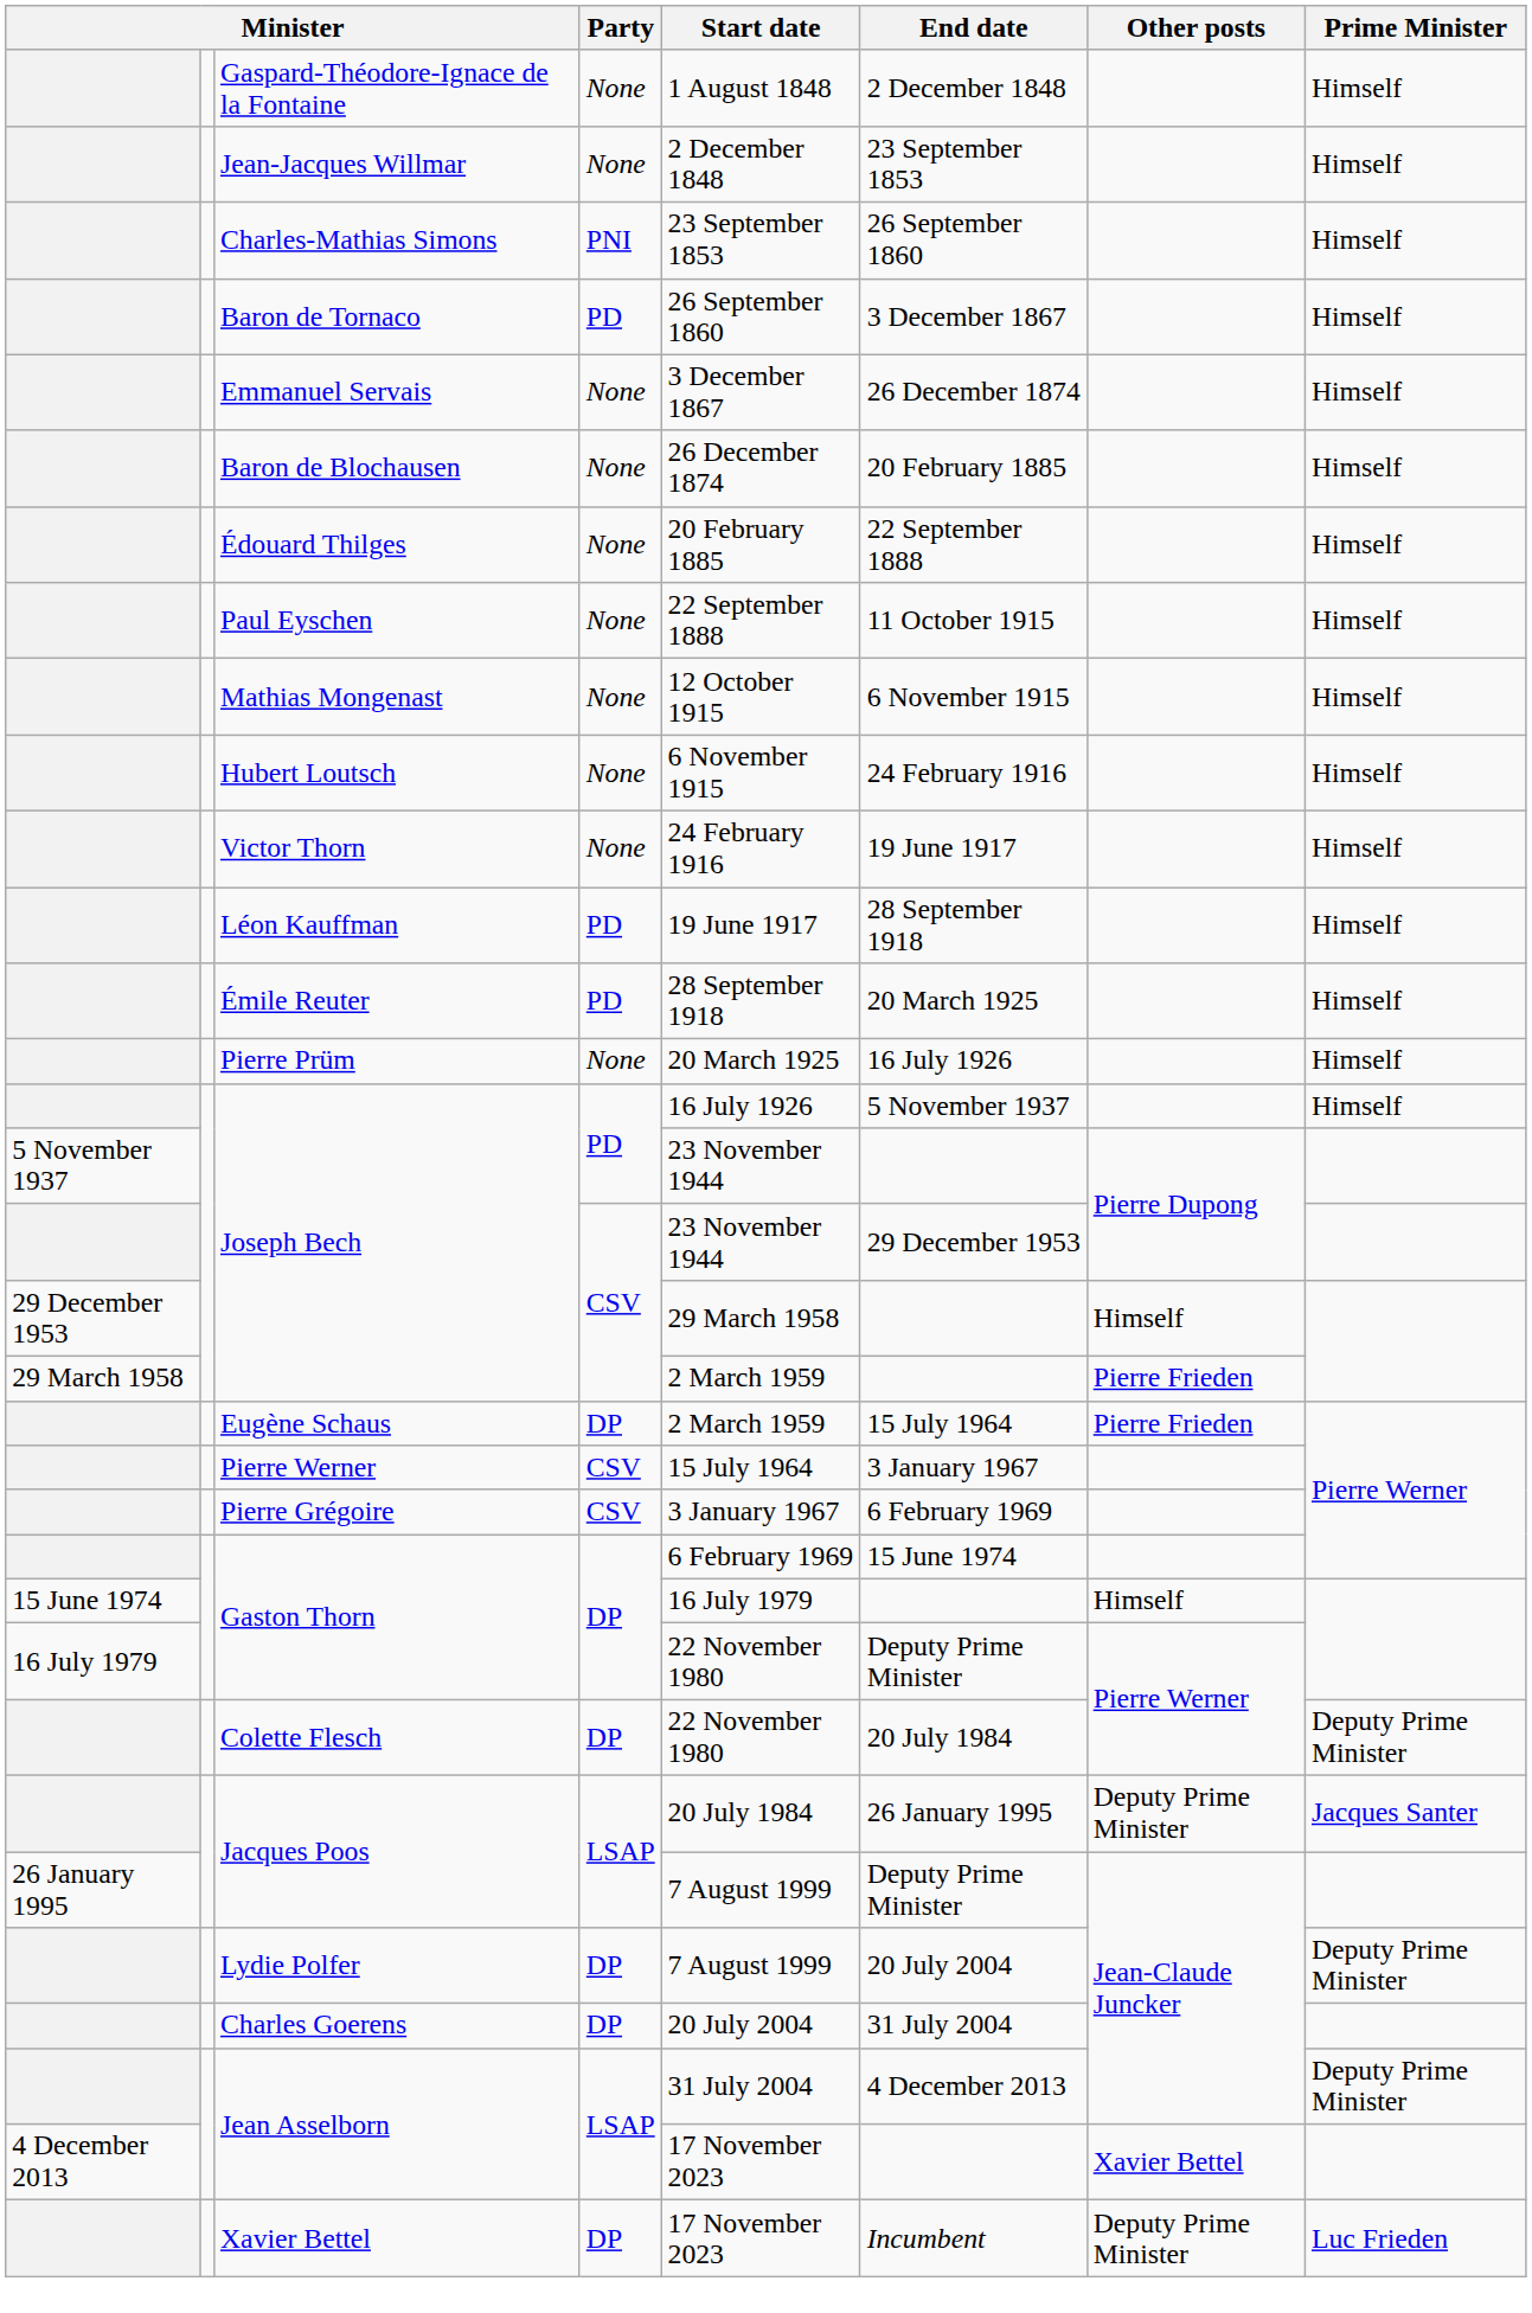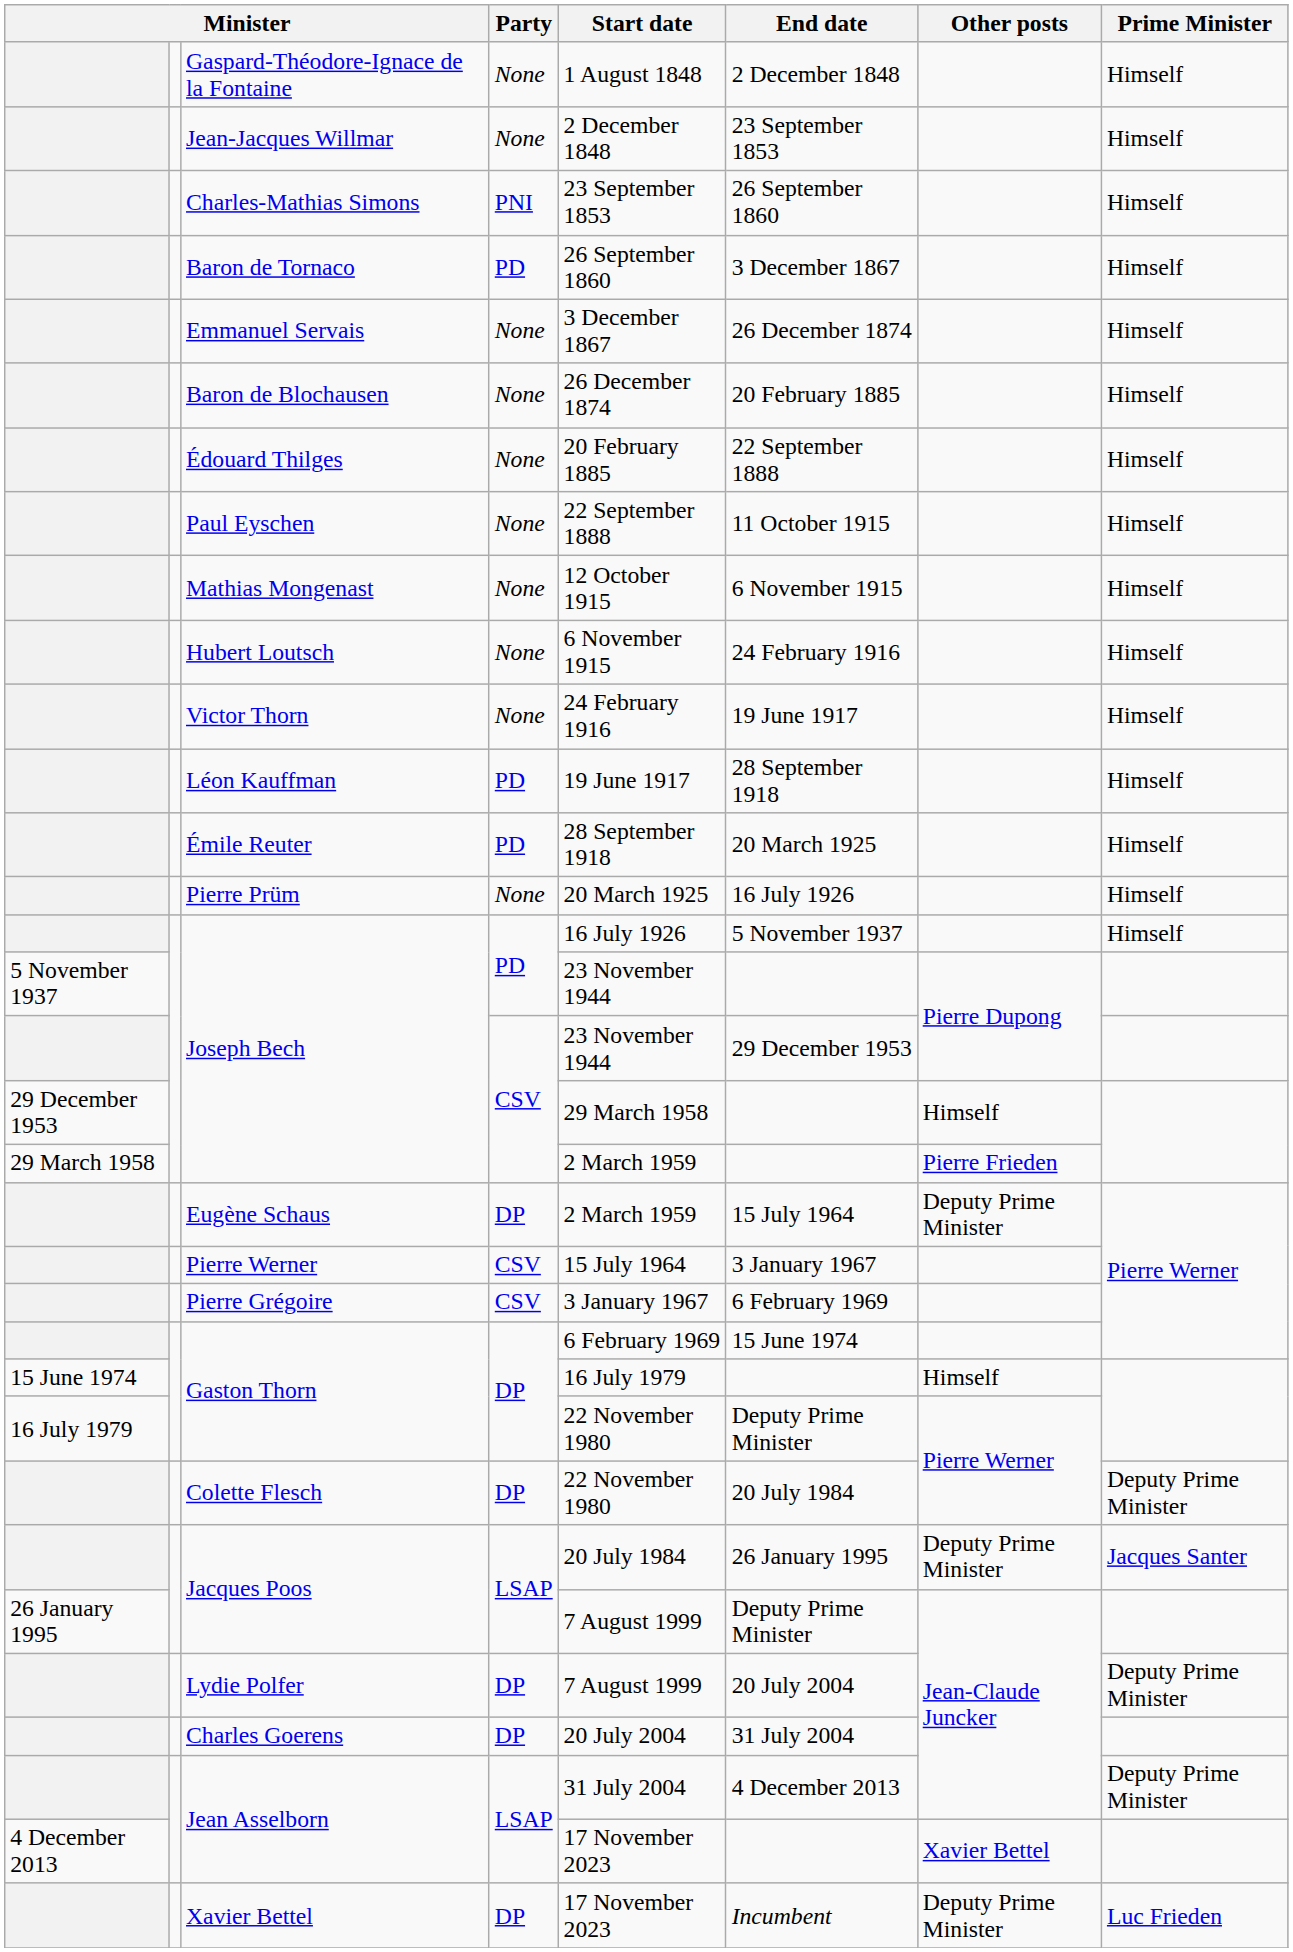 <table class="wikitable">
 <tr style="background: #efefef;">
 <th colspan=3>Minister</th>
 <th>Party</th>
 <th>Start date</th>
 <th>End date</th>
 <th>Other posts</th>
 <th>Prime Minister</th>
 </tr>
 <tr>
 <th></th>
 <td></td>
 <td><a href='#'>Gaspard-Théodore-Ignace de la Fontaine</a></td>
 <td><em>None</em></td>
 <td>1 August 1848</td>
 <td>2 December 1848</td>
 <td></td>
 <td>Himself</td>
 </tr>
 <tr>
 <th></th>
 <td></td>
 <td><a href='#'>Jean-Jacques Willmar</a></td>
 <td><em>None</em></td>
 <td>2 December 1848</td>
 <td>23 September 1853</td>
 <td></td>
 <td>Himself</td>
 </tr>
 <tr>
 <th></th>
 <td></td>
 <td><a href='#'>Charles-Mathias Simons</a></td>
 <td><a href='#'>PNI</a></td>
 <td>23 September 1853</td>
 <td>26 September 1860</td>
 <td></td>
 <td>Himself</td>
 </tr>
 <tr>
 <th></th>
 <td></td>
 <td><a href='#'>Baron de Tornaco</a></td>
 <td><a href='#'>PD</a></td>
 <td>26 September 1860</td>
 <td>3 December 1867</td>
 <td></td>
 <td>Himself</td>
 </tr>
 <tr>
 <th></th>
 <td></td>
 <td><a href='#'>Emmanuel Servais</a></td>
 <td><em>None</em></td>
 <td>3 December 1867</td>
 <td>26 December 1874</td>
 <td></td>
 <td>Himself</td>
 </tr>
 <tr>
 <th></th>
 <td></td>
 <td><a href='#'>Baron de Blochausen</a></td>
 <td><em>None</em></td>
 <td>26 December 1874</td>
 <td>20 February 1885</td>
 <td></td>
 <td>Himself</td>
 </tr>
 <tr>
 <th></th>
 <td></td>
 <td><a href='#'>Édouard Thilges</a></td>
 <td><em>None</em></td>
 <td>20 February 1885</td>
 <td>22 September 1888</td>
 <td></td>
 <td>Himself</td>
 </tr>
 <tr>
 <th></th>
 <td></td>
 <td><a href='#'>Paul Eyschen</a></td>
 <td><em>None</em></td>
 <td>22 September 1888</td>
 <td>11 October 1915</td>
 <td></td>
 <td>Himself</td>
 </tr>
 <tr>
 <th></th>
 <td></td>
 <td><a href='#'>Mathias Mongenast</a></td>
 <td><em>None</em></td>
 <td>12 October 1915</td>
 <td>6 November 1915</td>
 <td></td>
 <td>Himself</td>
 </tr>
 <tr>
 <th></th>
 <td></td>
 <td><a href='#'>Hubert Loutsch</a></td>
 <td><em>None</em></td>
 <td>6 November 1915</td>
 <td>24 February 1916</td>
 <td></td>
 <td>Himself</td>
 </tr>
 <tr>
 <th></th>
 <td></td>
 <td><a href='#'>Victor Thorn</a></td>
 <td><em>None</em></td>
 <td>24 February 1916</td>
 <td>19 June 1917</td>
 <td></td>
 <td>Himself</td>
 </tr>
 <tr>
 <th></th>
 <td></td>
 <td><a href='#'>Léon Kauffman</a></td>
 <td><a href='#'>PD</a></td>
 <td>19 June 1917</td>
 <td>28 September 1918</td>
 <td></td>
 <td>Himself</td>
 </tr>
 <tr>
 <th></th>
 <td></td>
 <td><a href='#'>Émile Reuter</a></td>
 <td><a href='#'>PD</a></td>
 <td>28 September 1918</td>
 <td>20 March 1925</td>
 <td></td>
 <td>Himself</td>
 </tr>
 <tr>
 <th></th>
 <td></td>
 <td><a href='#'>Pierre Prüm</a></td>
 <td><em>None</em></td>
 <td>20 March 1925</td>
 <td>16 July 1926</td>
 <td></td>
 <td>Himself</td>
 </tr>
 <tr>
 <th style="background-color: "></th>
 <td rowspan=5></td>
 <td rowspan=5><a href='#'>Joseph Bech</a></td>
 <td rowspan=2><a href='#'>PD</a></td>
 <td>16 July 1926</td>
 <td>5 November 1937</td>
 <td></td>
 <td>Himself</td>
 </tr>
 <tr>
 <td>5 November 1937</td>
 <td>23 November 1944</td>
 <td></td>
 <td rowspan=2><a href='#'>Pierre Dupong</a></td>
 </tr>
 <tr>
 <th style="background-color: "></th>
 <td rowspan=3><a href='#'>CSV</a></td>
 <td>23 November 1944</td>
 <td>29 December 1953</td>
 <td></td>
 </tr>
 <tr>
 <td>29 December 1953</td>
 <td>29 March 1958</td>
 <td></td>
 <td>Himself</td>
 </tr>
 <tr>
 <td>29 March 1958</td>
 <td>2 March 1959</td>
 <td></td>
 <td><a href='#'>Pierre Frieden</a></td>
 </tr>
 <tr>
 <th></th>
 <td></td>
 <td><a href='#'>Eugène Schaus</a></td>
 <td><a href='#'>DP</a></td>
 <td>2 March 1959</td>
 <td>15 July 1964</td>
-<td><a href='#'>Pierre Frieden</a></td>
+<td>Deputy Prime Minister</td>
 <td rowspan=4><a href='#'>Pierre Werner</a></td>
 </tr>
 <tr>
 <th></th>
 <td></td>
 <td><a href='#'>Pierre Werner</a></td>
 <td><a href='#'>CSV</a></td>
 <td>15 July 1964</td>
 <td>3 January 1967</td>
 <td></td>
 </tr>
 <tr>
 <th></th>
 <td></td>
 <td><a href='#'>Pierre Grégoire</a></td>
 <td><a href='#'>CSV</a></td>
 <td>3 January 1967</td>
 <td>6 February 1969</td>
 <td></td>
 </tr>
 <tr>
 <th style="background-color: "></th>
 <td rowspan=3></td>
 <td rowspan=3><a href='#'>Gaston Thorn</a></td>
 <td rowspan=3><a href='#'>DP</a></td>
 <td>6 February 1969</td>
 <td>15 June 1974</td>
 <td></td>
 </tr>
 <tr>
 <td>15 June 1974</td>
 <td>16 July 1979</td>
 <td></td>
 <td>Himself</td>
 </tr>
 <tr>
 <td>16 July 1979</td>
 <td>22 November 1980</td>
 <td>Deputy Prime Minister</td>
 <td rowspan=2><a href='#'>Pierre Werner</a></td>
 </tr>
 <tr>
 <th></th>
 <td></td>
 <td><a href='#'>Colette Flesch</a></td>
 <td><a href='#'>DP</a></td>
 <td>22 November 1980</td>
 <td>20 July 1984</td>
 <td>Deputy Prime Minister</td>
 </tr>
 <tr>
 <th style="background-color: "></th>
 <td rowspan=2></td>
 <td rowspan=2><a href='#'>Jacques Poos</a></td>
 <td rowspan=2><a href='#'>LSAP</a></td>
 <td>20 July 1984</td>
 <td>26 January 1995</td>
 <td>Deputy Prime Minister</td>
 <td><a href='#'>Jacques Santer</a></td>
 </tr>
 <tr>
 <td>26 January 1995</td>
 <td>7 August 1999</td>
 <td>Deputy Prime Minister</td>
 <td rowspan=4><a href='#'>Jean-Claude Juncker</a></td>
 </tr>
 <tr>
 <th></th>
 <td></td>
 <td><a href='#'>Lydie Polfer</a></td>
 <td><a href='#'>DP</a></td>
 <td>7 August 1999</td>
 <td>20 July 2004</td>
 <td>Deputy Prime Minister</td>
 </tr>
 <tr>
 <th></th>
 <td></td>
 <td><a href='#'>Charles Goerens</a></td>
 <td><a href='#'>DP</a></td>
 <td>20 July 2004</td>
 <td>31 July 2004</td>
 <td></td>
 </tr>
 <tr>
 <th style="background-color: "></th>
 <td rowspan=2></td>
 <td rowspan=2><a href='#'>Jean Asselborn</a></td>
 <td rowspan=2><a href='#'>LSAP</a></td>
 <td>31 July 2004</td>
 <td>4 December 2013</td>
 <td>Deputy Prime Minister</td>
 </tr>
 <tr>
 <td>4 December 2013</td>
 <td>17 November 2023</td>
 <td></td>
 <td rowspan=1><a href='#'>Xavier Bettel</a></td>
 </tr>
 <tr>
 <th style="background-color: "></th>
 <td rowspan=2></td>
 <td rowspan=2><a href='#'>Xavier Bettel</a></td>
 <td rowspan=2><a href='#'>DP</a></td>
 <td>17 November 2023</td>
 <td><em>Incumbent</em></td>
 <td>Deputy Prime Minister</td>
 <td><a href='#'>Luc Frieden</a></td>
 </tr>
 </table>
